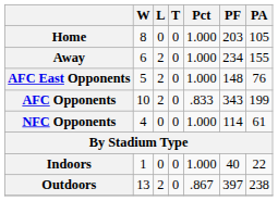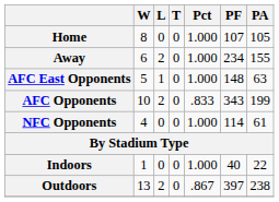 <table class="wikitable" style="text-align:center;">
 <tr>
 <th></th>
 <th>W</th>
 <th>L</th>
 <th>T</th>
 <th>Pct</th>
 <th>PF</th>
 <th>PA</th>
 </tr>
 <tr>
 <th>Home</th>
 <td>8</td>
 <td>0</td>
 <td>0</td>
 <td>1.000</td>
-<td>203</td>
+<td>107</td>
 <td>105</td>
 </tr>
 <tr>
 <th>Away</th>
 <td>6</td>
 <td>2</td>
 <td>0</td>
 <td>1.000</td>
 <td>234</td>
 <td>155</td>
 </tr>
 <tr>
 <th><a href='#'>AFC East</a> Opponents</th>
 <td>5</td>
-<td>2</td>
+<td>1</td>
 <td>0</td>
 <td>1.000</td>
 <td>148</td>
-<td>76</td>
+<td>63</td>
 </tr>
 <tr>
 <th><a href='#'>AFC</a> Opponents</th>
 <td>10</td>
 <td>2</td>
 <td>0</td>
 <td>.833</td>
 <td>343</td>
 <td>199</td>
 </tr>
 <tr>
 <th><a href='#'>NFC</a> Opponents</th>
 <td>4</td>
 <td>0</td>
 <td>0</td>
 <td>1.000</td>
 <td>114</td>
 <td>61</td>
 </tr>
 <tr>
 <th colspan="7">By Stadium Type</th>
 </tr>
 <tr>
 <th>Indoors</th>
 <td>1</td>
 <td>0</td>
 <td>0</td>
 <td>1.000</td>
 <td>40</td>
 <td>22</td>
 </tr>
 <tr>
 <th>Outdoors</th>
 <td>13</td>
 <td>2</td>
 <td>0</td>
 <td>.867</td>
 <td>397</td>
 <td>238</td>
 </tr>
 <tr>
 </tr>
 </table>
